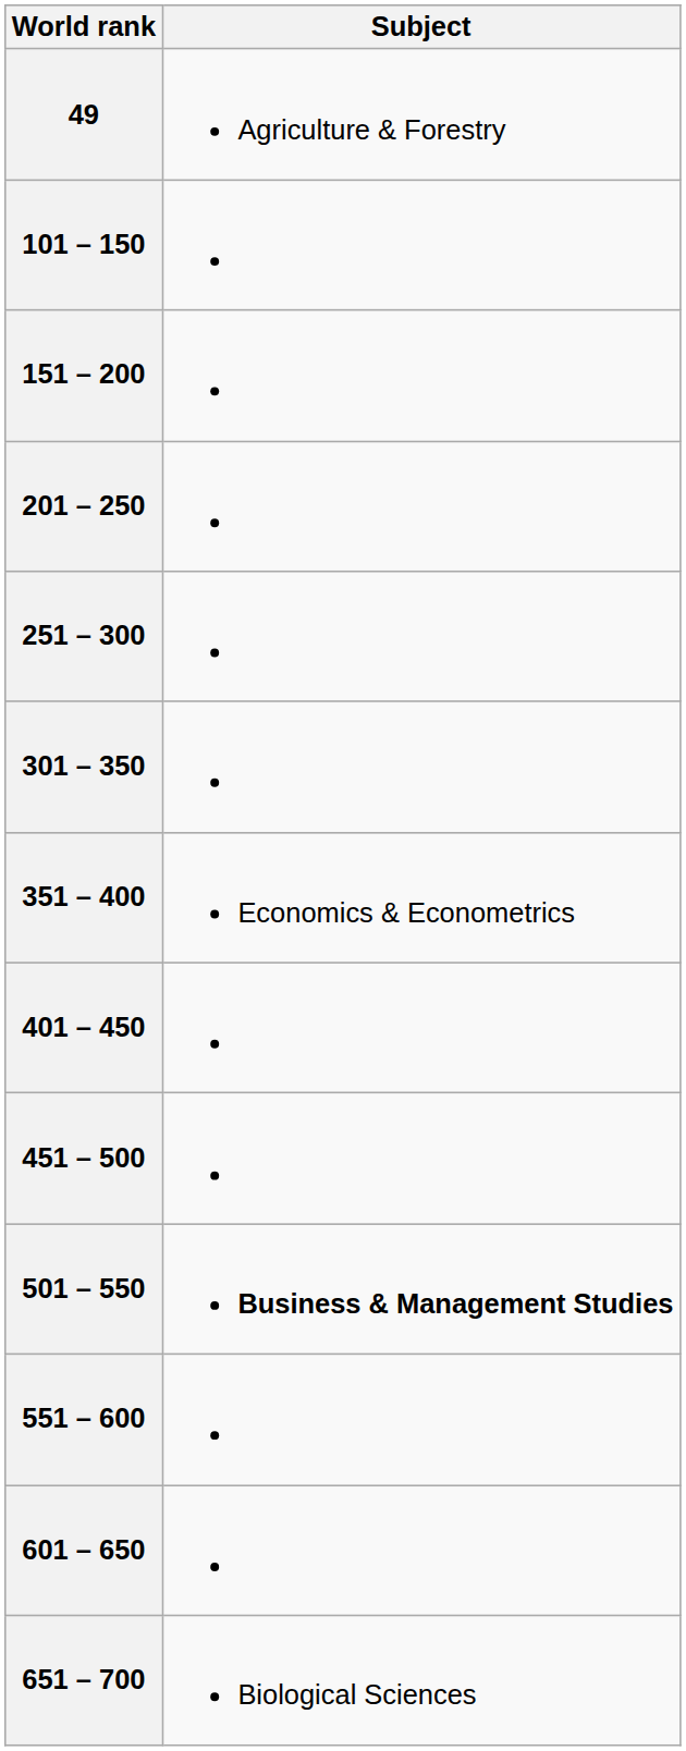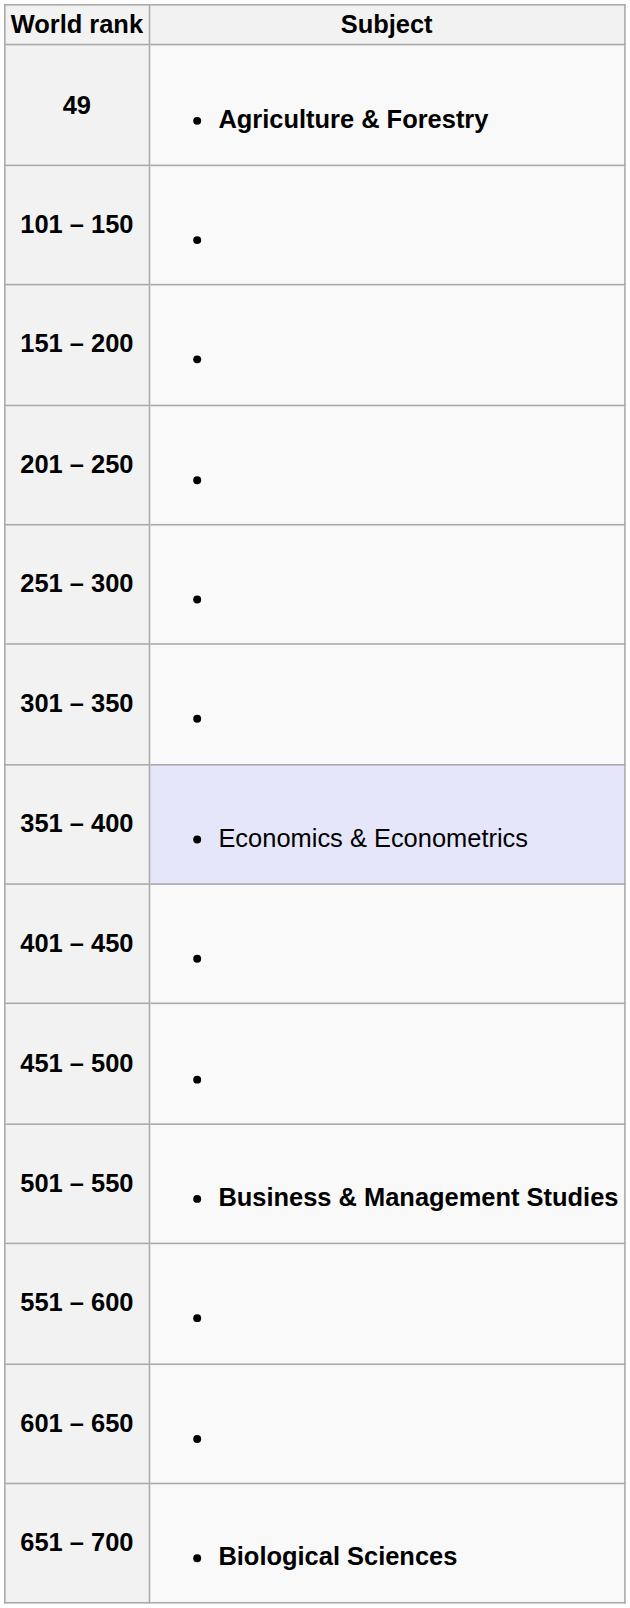 <table class="wikitable">
 <tr>
 <th>World rank</th>
 <th>Subject</th>
 </tr>
 <tr>
 <th><strong>49</strong></th>
-<td><br><ul><li>Agriculture & Forestry</li></ul></td>
+<td><strong><br><ul><li>Agriculture & Forestry</li></ul></strong></td>
 </tr>
 <tr>
 <th><strong>101 – 150</strong></th>
 <td><br><ul><li></li></ul></td>
 </tr>
 <tr>
 <th><strong>151 – 200</strong></th>
 <td><br><ul><li></li></ul></td>
 </tr>
 <tr>
 <th><strong>201 – 250</strong></th>
 <td><br><ul><li></li></ul></td>
 </tr>
 <tr>
 <th><strong>251 – 300</strong></th>
 <td><br><ul><li></li></ul></td>
 </tr>
 <tr>
 <th><strong>301 – 350</strong></th>
 <td><br><ul><li></li></ul></td>
 </tr>
 <tr>
 <th><strong>351 – 400</strong></th>
-<td><br><ul><li>Economics & Econometrics</li></ul></td>
+<td style="background: lavender;"><br><ul><li>Economics & Econometrics</li></ul></td>
 </tr>
 <tr>
 <th><strong>401 – 450</strong></th>
 <td><br><ul><li></li></ul></td>
 </tr>
 <tr>
 <th><strong>451 – 500</strong></th>
 <td><br><ul><li></li></ul></td>
 </tr>
 <tr>
 <th><strong>501 – 550</strong></th>
 <td><strong><br><ul><li>Business & Management Studies</li></ul></strong></td>
 </tr>
 <tr>
 <th><strong>551 – 600</strong></th>
 <td><br><ul><li></li></ul></td>
 </tr>
 <tr>
 <th><strong>601 – 650</strong></th>
 <td><br><ul><li></li></ul></td>
 </tr>
 <tr>
 <th><strong>651 – 700</strong></th>
-<td><br><ul><li>Biological Sciences</li></ul></td>
+<td><strong><br><ul><li>Biological Sciences</li></ul></strong></td>
 </tr>
 </table>
